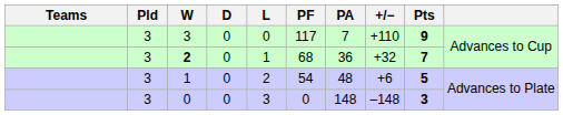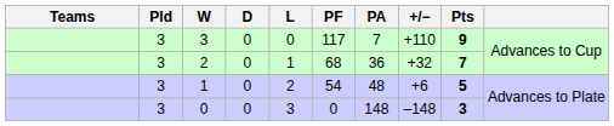 <table class="wikitable" style="text-align: center;">
 <tr>
 <th width="140">Teams</th>
 <th width="40">Pld</th>
 <th width="40">W</th>
 <th width="40">D</th>
 <th width="40">L</th>
 <th width="40">PF</th>
 <th width="40">PA</th>
 <th width="40">+/−</th>
 <th width="40">Pts</th>
 <th></th>
 </tr>
 <tr bgcolor="ccffcc">
 <td align="left"></td>
 <td>3</td>
 <td>3</td>
 <td>0</td>
 <td>0</td>
 <td>117</td>
 <td>7</td>
 <td>+110</td>
 <td><strong>9</strong></td>
 <td rowspan="2">Advances to Cup</td>
 </tr>
 <tr bgcolor="ccffcc">
 <td align="left"></td>
 <td>3</td>
-<td><strong>2</strong></td>
+<td>2</td>
 <td>0</td>
 <td>1</td>
 <td>68</td>
 <td>36</td>
 <td>+32</td>
 <td><strong>7</strong></td>
 </tr>
 <tr bgcolor="ccccff">
 <td align="left"></td>
 <td>3</td>
 <td>1</td>
 <td>0</td>
 <td>2</td>
 <td>54</td>
 <td>48</td>
 <td>+6</td>
 <td><strong>5</strong></td>
 <td rowspan="2">Advances to Plate</td>
 </tr>
 <tr bgcolor="ccccff">
 <td align="left"></td>
 <td>3</td>
 <td>0</td>
 <td>0</td>
 <td>3</td>
 <td>0</td>
 <td>148</td>
 <td>–148</td>
 <td><strong>3</strong></td>
 </tr>
 </table>
